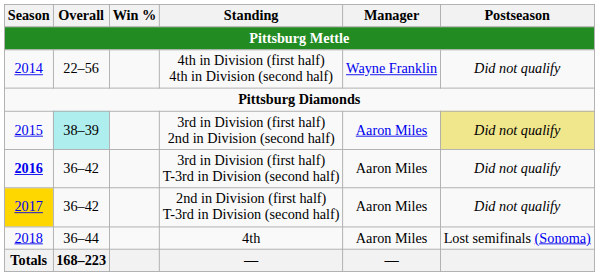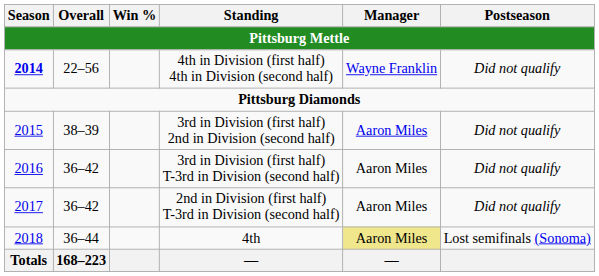 <table class="wikitable" style="text-align:center">
 <tr>
 <th>Season</th>
 <th>Overall</th>
 <th>Win %</th>
 <th>Standing</th>
 <th>Manager</th>
 <th>Postseason</th>
 </tr>
 <tr>
 <td colspan="7" style="background:ForestGreen; color:white;"><strong>Pittsburg Mettle</strong></td>
 </tr>
 <tr>
-<td><a href='#'>2014</a></td>
+<td><strong><a href='#'>2014</a></strong></td>
 <td>22–56</td>
 <td></td>
 <td>4th in Division (first half)<br>4th in Division (second half)</td>
 <td><a href='#'>Wayne Franklin</a></td>
 <td><em>Did not qualify</em></td>
 </tr>
 <tr>
 <td colspan="7"><strong>Pittsburg Diamonds</strong></td>
 </tr>
 <tr>
 <td><a href='#'>2015</a></td>
-<td style="background: paleturquoise;">38–39</td>
+<td>38–39</td>
 <td></td>
 <td>3rd in Division (first half)<br>2nd in Division (second half)</td>
 <td><a href='#'>Aaron Miles</a></td>
-<td style="background: khaki;"><em>Did not qualify</em></td>
+<td><em>Did not qualify</em></td>
 </tr>
 <tr>
-<td><strong><a href='#'>2016</a></strong></td>
+<td><a href='#'>2016</a></td>
 <td>36–42</td>
 <td></td>
 <td>3rd in Division (first half)<br>T-3rd in Division (second half)</td>
 <td>Aaron Miles</td>
 <td><em>Did not qualify</em></td>
 </tr>
 <tr>
-<td style="background: gold;"><a href='#'>2017</a></td>
+<td><a href='#'>2017</a></td>
 <td>36–42</td>
 <td></td>
 <td>2nd in Division (first half)<br>T-3rd in Division (second half)</td>
 <td>Aaron Miles</td>
 <td><em>Did not qualify</em></td>
 </tr>
 <tr>
 <td><a href='#'>2018</a></td>
 <td>36–44</td>
 <td></td>
 <td>4th</td>
-<td>Aaron Miles</td>
+<td style="background: khaki;">Aaron Miles</td>
 <td>Lost semifinals <a href='#'>(Sonoma)</a></td>
 </tr>
 <tr align="center">
 <th colspan="1">Totals</th>
 <th>168–223</th>
 <th></th>
 <th>—</th>
 <th>—</th>
 <th></th>
 </tr>
 </table>
